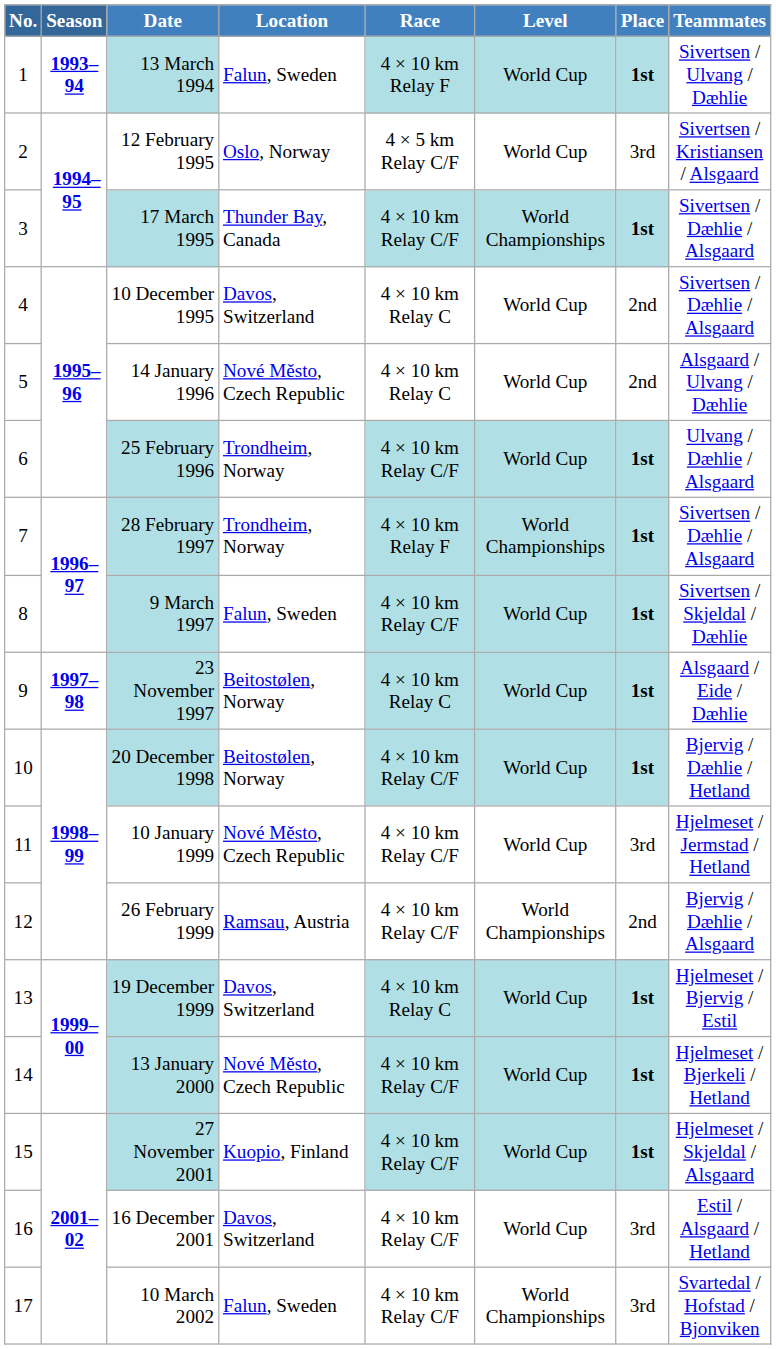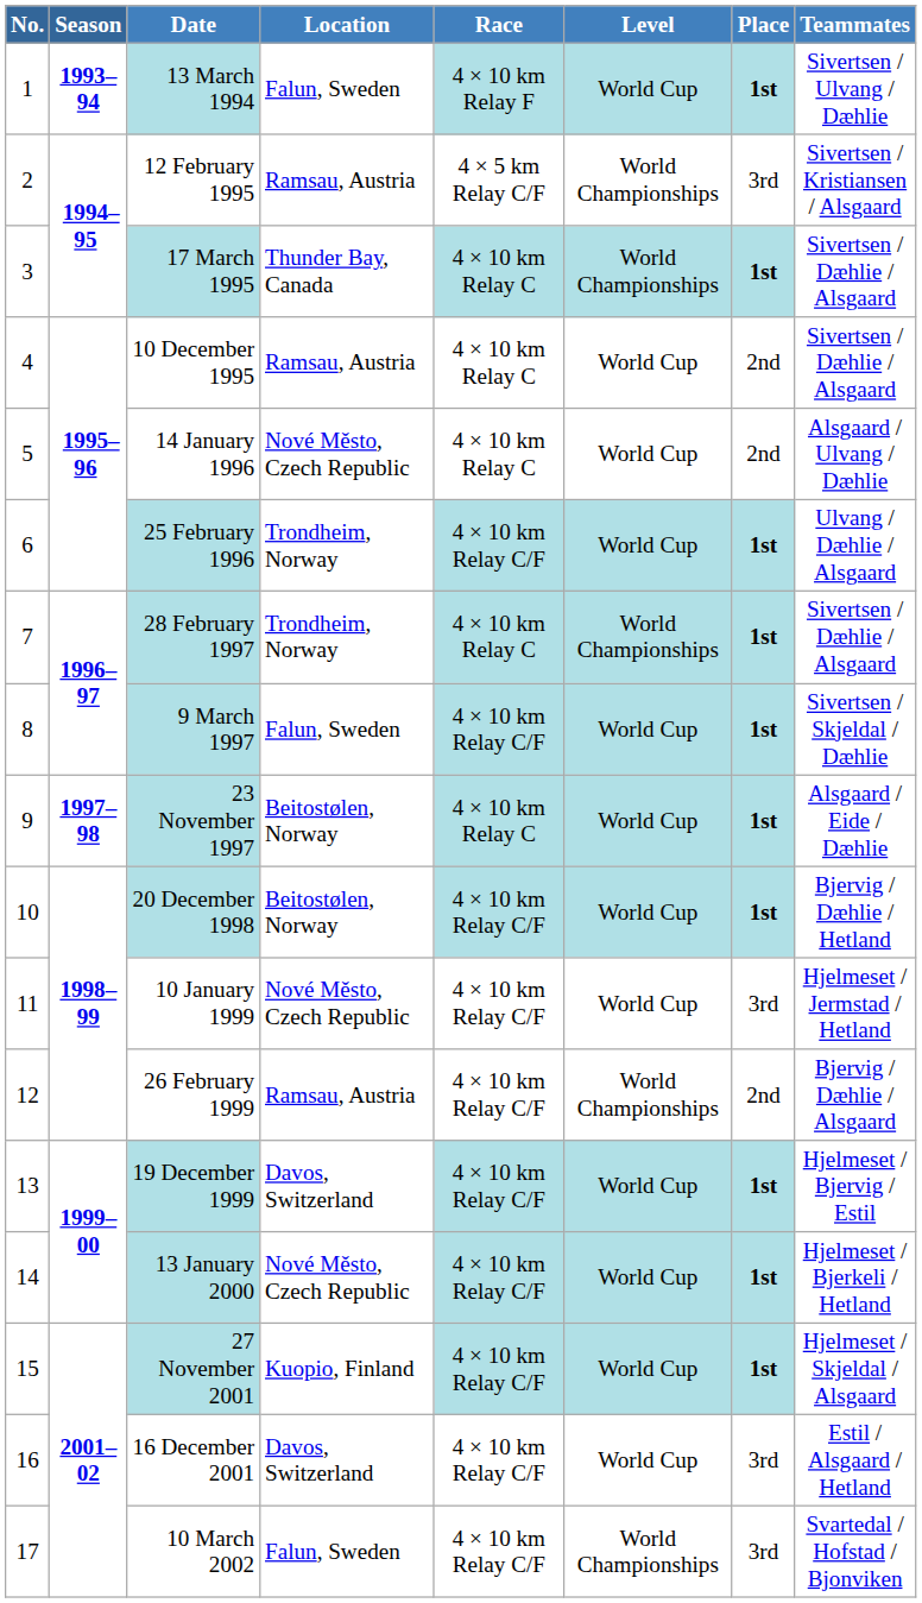 <table class="wikitable sortable" style="font-size:95%; text-align:center; border:grey solid 1px; border-collapse:collapse; background:#ffffff;">
 <tr style="background:#efefef;">
 <th style="background-color:#369; color:white;">No.</th>
 <th style="background-color:#369; color:white;">Season</th>
 <th style="background-color:#4180be; color:white; width:120px;">Date</th>
 <th style="background-color:#4180be; color:white; width:190px;">Location</th>
 <th style="background-color:#4180be; color:white; width:170px;">Race</th>
 <th style="background-color:#4180be; color:white; width:130px;">Level</th>
 <th style="background-color:#4180be; color:white;">Place</th>
 <th style="background-color:#4180be; color:white;">Teammates</th>
 </tr>
 <tr>
 <td align=center>1</td>
 <td rowspan=1 align=center><strong><a href='#'>1993–94</a></strong></td>
 <td bgcolor="#BOEOE6" align=right>13 March 1994</td>
 <td align=left> <a href='#'>Falun</a>, Sweden</td>
 <td bgcolor="#BOEOE6">4 × 10 km Relay F</td>
 <td bgcolor="#BOEOE6">World Cup</td>
 <td bgcolor="#BOEOE6"><strong>1st</strong></td>
 <td><a href='#'>Sivertsen</a> / <a href='#'>Ulvang</a> / <a href='#'>Dæhlie</a></td>
 </tr>
 <tr>
 <td align=center>2</td>
 <td rowspan=2 align=center><strong> <a href='#'>1994–95</a> </strong></td>
 <td align=right>12 February 1995</td>
-<td align=left> <a href='#'>Oslo</a>, Norway</td>
+<td align=left> <a href='#'>Ramsau</a>, Austria</td>
 <td>4 × 5 km Relay C/F</td>
-<td>World Cup</td>
+<td>World Championships</td>
 <td>3rd</td>
 <td><a href='#'>Sivertsen</a> / <a href='#'>Kristiansen</a> / <a href='#'>Alsgaard</a></td>
 </tr>
 <tr>
 <td align=center>3</td>
 <td bgcolor="#BOEOE6" align=right>17 March 1995</td>
 <td align=left> <a href='#'>Thunder Bay</a>, Canada</td>
-<td bgcolor="#BOEOE6">4 × 10 km Relay C/F</td>
+<td bgcolor="#BOEOE6">4 × 10 km Relay C</td>
 <td bgcolor="#BOEOE6">World Championships</td>
 <td bgcolor="#BOEOE6"><strong>1st</strong></td>
 <td><a href='#'>Sivertsen</a> / <a href='#'>Dæhlie</a> / <a href='#'>Alsgaard</a></td>
 </tr>
 <tr>
 <td align=center>4</td>
 <td rowspan=3 align=center><strong> <a href='#'>1995–96</a> </strong></td>
 <td align=right>10 December 1995</td>
-<td align=left> <a href='#'>Davos</a>, Switzerland</td>
+<td align=left> <a href='#'>Ramsau</a>, Austria</td>
 <td>4 × 10 km Relay C</td>
 <td>World Cup</td>
 <td>2nd</td>
 <td><a href='#'>Sivertsen</a> / <a href='#'>Dæhlie</a> / <a href='#'>Alsgaard</a></td>
 </tr>
 <tr>
 <td align=center>5</td>
 <td align=right>14 January 1996</td>
 <td align=left> <a href='#'>Nové Město</a>, Czech Republic</td>
 <td>4 × 10 km Relay C</td>
 <td>World Cup</td>
 <td>2nd</td>
 <td><a href='#'>Alsgaard</a> / <a href='#'>Ulvang</a> / <a href='#'>Dæhlie</a></td>
 </tr>
 <tr>
 <td align=center>6</td>
 <td bgcolor="#BOEOE6" align=right>25 February 1996</td>
 <td align=left> <a href='#'>Trondheim</a>, Norway</td>
 <td bgcolor="#BOEOE6">4 × 10 km Relay C/F</td>
 <td bgcolor="#BOEOE6">World Cup</td>
 <td bgcolor="#BOEOE6"><strong>1st</strong></td>
 <td><a href='#'>Ulvang</a> / <a href='#'>Dæhlie</a> / <a href='#'>Alsgaard</a></td>
 </tr>
 <tr>
 <td align=center>7</td>
 <td rowspan=2 align=center><strong><a href='#'>1996–97</a></strong></td>
 <td bgcolor="#BOEOE6" align=right>28 February 1997</td>
 <td align=left> <a href='#'>Trondheim</a>, Norway</td>
-<td bgcolor="#BOEOE6">4 × 10 km Relay F</td>
+<td bgcolor="#BOEOE6">4 × 10 km Relay C</td>
 <td bgcolor="#BOEOE6">World Championships</td>
 <td bgcolor="#BOEOE6"><strong>1st</strong></td>
 <td><a href='#'>Sivertsen</a> / <a href='#'>Dæhlie</a> / <a href='#'>Alsgaard</a></td>
 </tr>
 <tr>
 <td align=center>8</td>
 <td bgcolor="#BOEOE6" align=right>9 March 1997</td>
 <td align=left> <a href='#'>Falun</a>, Sweden</td>
 <td bgcolor="#BOEOE6">4 × 10 km Relay C/F</td>
 <td bgcolor="#BOEOE6">World Cup</td>
 <td bgcolor="#BOEOE6"><strong>1st</strong></td>
 <td><a href='#'>Sivertsen</a> / <a href='#'>Skjeldal</a> / <a href='#'>Dæhlie</a></td>
 </tr>
 <tr>
 <td align=center>9</td>
 <td rowspan=1 align=center><strong><a href='#'>1997–98</a></strong></td>
 <td bgcolor="#BOEOE6" align=right>23 November 1997</td>
 <td align=left> <a href='#'>Beitostølen</a>, Norway</td>
 <td bgcolor="#BOEOE6">4 × 10 km Relay C</td>
 <td bgcolor="#BOEOE6">World Cup</td>
 <td bgcolor="#BOEOE6"><strong>1st</strong></td>
 <td><a href='#'>Alsgaard</a> / <a href='#'>Eide</a> / <a href='#'>Dæhlie</a></td>
 </tr>
 <tr>
 <td align=center>10</td>
 <td rowspan=3 align=center><strong><a href='#'>1998–99</a></strong></td>
 <td bgcolor="#BOEOE6" align=right>20 December 1998</td>
 <td align=left> <a href='#'>Beitostølen</a>, Norway</td>
 <td bgcolor="#BOEOE6">4 × 10 km Relay C/F</td>
 <td bgcolor="#BOEOE6">World Cup</td>
 <td bgcolor="#BOEOE6"><strong>1st</strong></td>
 <td><a href='#'>Bjervig</a> / <a href='#'>Dæhlie</a> / <a href='#'>Hetland</a></td>
 </tr>
 <tr>
 <td align=center>11</td>
 <td align=right>10 January 1999</td>
 <td align=left> <a href='#'>Nové Město</a>, Czech Republic</td>
 <td>4 × 10 km Relay C/F</td>
 <td>World Cup</td>
 <td>3rd</td>
 <td><a href='#'>Hjelmeset</a> / <a href='#'>Jermstad</a> / <a href='#'>Hetland</a></td>
 </tr>
 <tr>
 <td align=center>12</td>
 <td align=right>26 February 1999</td>
 <td align=left> <a href='#'>Ramsau</a>, Austria</td>
 <td>4 × 10 km Relay C/F</td>
 <td>World Championships</td>
 <td>2nd</td>
 <td><a href='#'>Bjervig</a> / <a href='#'>Dæhlie</a> / <a href='#'>Alsgaard</a></td>
 </tr>
 <tr>
 <td align=center>13</td>
 <td rowspan=2 align=center><strong><a href='#'>1999–00</a></strong></td>
 <td bgcolor="#BOEOE6" align=right>19 December 1999</td>
 <td align=left> <a href='#'>Davos</a>, Switzerland</td>
-<td bgcolor="#BOEOE6">4 × 10 km Relay C</td>
+<td bgcolor="#BOEOE6">4 × 10 km Relay C/F</td>
 <td bgcolor="#BOEOE6">World Cup</td>
 <td bgcolor="#BOEOE6"><strong>1st</strong></td>
 <td><a href='#'>Hjelmeset</a> / <a href='#'>Bjervig</a> / <a href='#'>Estil</a></td>
 </tr>
 <tr>
 <td align=center>14</td>
 <td bgcolor="#BOEOE6" align=right>13 January 2000</td>
 <td align=left> <a href='#'>Nové Město</a>, Czech Republic</td>
 <td bgcolor="#BOEOE6">4 × 10 km Relay C/F</td>
 <td bgcolor="#BOEOE6">World Cup</td>
 <td bgcolor="#BOEOE6"><strong>1st</strong></td>
 <td><a href='#'>Hjelmeset</a> / <a href='#'>Bjerkeli</a> / <a href='#'>Hetland</a></td>
 </tr>
 <tr>
 <td align=center>15</td>
 <td rowspan=3 align=center><strong><a href='#'>2001–02</a></strong></td>
 <td bgcolor="#BOEOE6" align=right>27 November 2001</td>
 <td align=left> <a href='#'>Kuopio</a>, Finland</td>
 <td bgcolor="#BOEOE6">4 × 10 km Relay C/F</td>
 <td bgcolor="#BOEOE6">World Cup</td>
 <td bgcolor="#BOEOE6"><strong>1st</strong></td>
 <td><a href='#'>Hjelmeset</a> / <a href='#'>Skjeldal</a> / <a href='#'>Alsgaard</a></td>
 </tr>
 <tr>
 <td align=center>16</td>
 <td align=right>16 December 2001</td>
 <td align=left> <a href='#'>Davos</a>, Switzerland</td>
 <td>4 × 10 km Relay C/F</td>
 <td>World Cup</td>
 <td>3rd</td>
 <td><a href='#'>Estil</a> / <a href='#'>Alsgaard</a> / <a href='#'>Hetland</a></td>
 </tr>
 <tr>
 <td align=center>17</td>
 <td align=right>10 March 2002</td>
 <td align=left> <a href='#'>Falun</a>, Sweden</td>
 <td>4 × 10 km Relay C/F</td>
 <td>World Championships</td>
 <td>3rd</td>
 <td><a href='#'>Svartedal</a> / <a href='#'>Hofstad</a> / <a href='#'>Bjonviken</a></td>
 </tr>
 </table>
